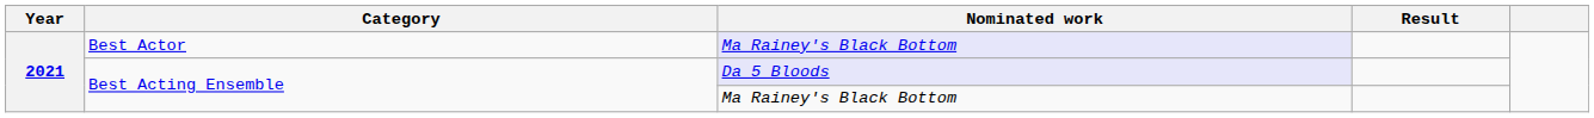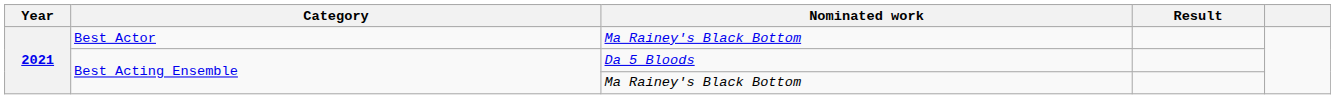 <table class="wikitable plainrowheaders" style="width:100%;">
 <tr>
 <th scope="col" style="width:5%;">Year</th>
 <th scope="col" style="width:40%;">Category</th>
 <th scope="col" style="width:40%;">Nominated work</th>
 <th scope="col" style="width:10%;">Result</th>
 <th scope="col" style="width:5%;"></th>
 </tr>
 <tr>
 <th scope="row" style="text-align:center;" rowspan="3"><a href='#'>2021</a></th>
 <td><a href='#'>Best Actor</a></td>
-<td style="background: lavender;"><em><a href='#'>Ma Rainey's Black Bottom</a></em></td>
+<td><em><a href='#'>Ma Rainey's Black Bottom</a></em></td>
 <td></td>
 <td style="text-align:center;" rowspan="3"></td>
 </tr>
 <tr>
 <td rowspan="2"><a href='#'>Best Acting Ensemble</a></td>
-<td style="background: lavender;"><em><a href='#'>Da 5 Bloods</a></em></td>
+<td><em><a href='#'>Da 5 Bloods</a></em></td>
 <td></td>
 </tr>
 <tr>
 <td><em>Ma Rainey's Black Bottom</em></td>
 <td></td>
 </tr>
 </table>
